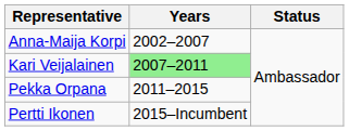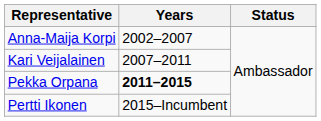 <table class="wikitable sortable">
 <tr>
 <th>Representative</th>
 <th>Years</th>
 <th>Status</th>
 </tr>
 <tr>
 <td><a href='#'>Anna-Maija Korpi</a></td>
 <td>2002–2007</td>
 <td rowspan="4">Ambassador</td>
 </tr>
 <tr>
 <td><a href='#'>Kari Veijalainen</a></td>
-<td style="background: lightgreen;">2007–2011</td>
+<td>2007–2011</td>
 </tr>
 <tr>
 <td><a href='#'>Pekka Orpana</a></td>
-<td>2011–2015</td>
+<td><strong>2011–2015</strong></td>
 </tr>
 <tr>
 <td><a href='#'>Pertti Ikonen</a></td>
 <td>2015–Incumbent</td>
 </tr>
 </table>
